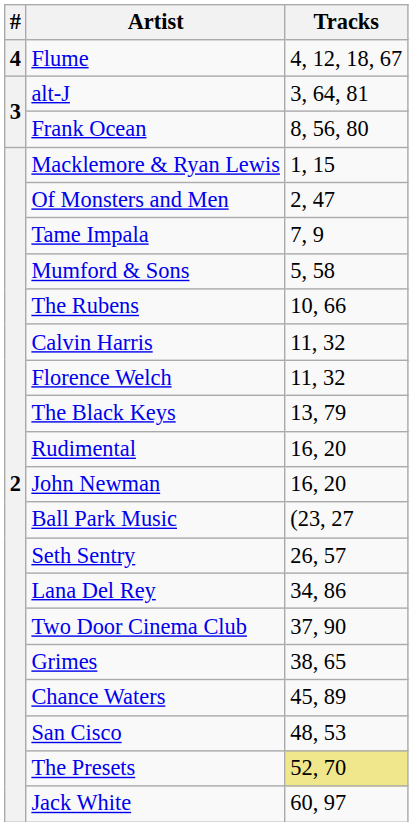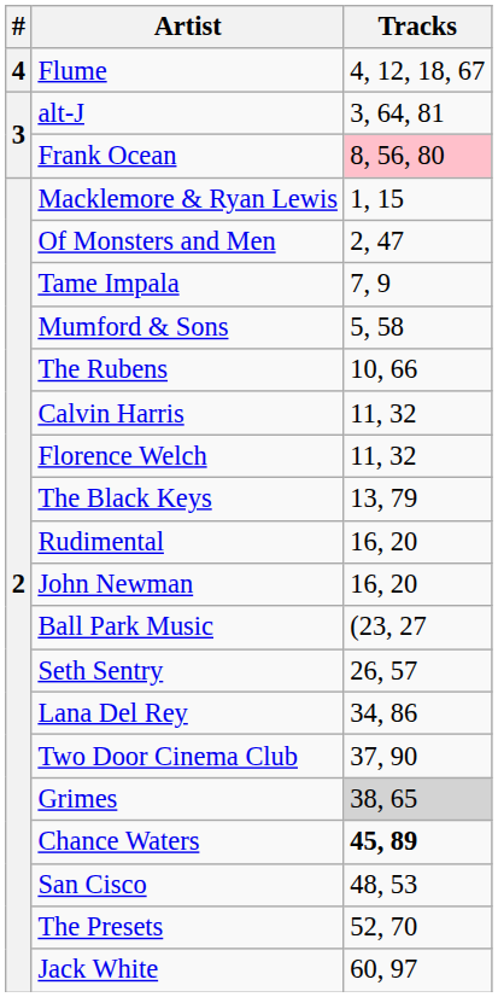 <table class="wikitable">
 <tr>
 <th>#</th>
 <th>Artist</th>
 <th>Tracks</th>
 </tr>
 <tr>
 <th>4</th>
 <td><a href='#'>Flume</a></td>
 <td>4, 12, 18, 67</td>
 </tr>
 <tr>
 <th rowspan="2">3</th>
 <td><a href='#'>alt-J</a></td>
 <td>3, 64, 81</td>
 </tr>
 <tr>
 <td><a href='#'>Frank Ocean</a></td>
-<td>8, 56, 80</td>
+<td style="background: pink;">8, 56, 80</td>
 </tr>
 <tr>
 <th rowspan="19">2</th>
 <td><a href='#'>Macklemore & Ryan Lewis</a></td>
 <td>1, 15</td>
 </tr>
 <tr>
 <td><a href='#'>Of Monsters and Men</a></td>
 <td>2, 47</td>
 </tr>
 <tr>
 <td><a href='#'>Tame Impala</a></td>
 <td>7, 9</td>
 </tr>
 <tr>
 <td><a href='#'>Mumford & Sons</a></td>
 <td>5, 58</td>
 </tr>
 <tr>
 <td><a href='#'>The Rubens</a></td>
 <td>10, 66</td>
 </tr>
 <tr>
 <td><a href='#'>Calvin Harris</a></td>
 <td>11, 32</td>
 </tr>
 <tr>
 <td><a href='#'>Florence Welch</a></td>
 <td>11, 32</td>
 </tr>
 <tr>
 <td><a href='#'>The Black Keys</a></td>
 <td>13, 79</td>
 </tr>
 <tr>
 <td><a href='#'>Rudimental</a></td>
 <td>16, 20</td>
 </tr>
 <tr>
 <td><a href='#'>John Newman</a></td>
 <td>16, 20</td>
 </tr>
 <tr>
 <td><a href='#'>Ball Park Music</a></td>
 <td>(23, 27</td>
 </tr>
 <tr>
 <td><a href='#'>Seth Sentry</a></td>
 <td>26, 57</td>
 </tr>
 <tr>
 <td><a href='#'>Lana Del Rey</a></td>
 <td>34, 86</td>
 </tr>
 <tr>
 <td><a href='#'>Two Door Cinema Club</a></td>
 <td>37, 90</td>
 </tr>
 <tr>
 <td><a href='#'>Grimes</a></td>
-<td>38, 65</td>
+<td style="background: lightgrey;">38, 65</td>
 </tr>
 <tr>
 <td><a href='#'>Chance Waters</a></td>
-<td>45, 89</td>
+<td><strong>45, 89</strong></td>
 </tr>
 <tr>
 <td><a href='#'>San Cisco</a></td>
 <td>48, 53</td>
 </tr>
 <tr>
 <td><a href='#'>The Presets</a></td>
-<td style="background: khaki;">52, 70</td>
+<td>52, 70</td>
 </tr>
 <tr>
 <td><a href='#'>Jack White</a></td>
 <td>60, 97</td>
 </tr>
 </table>
